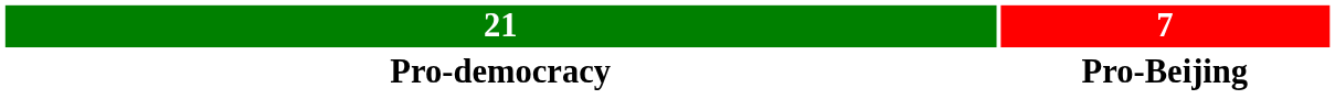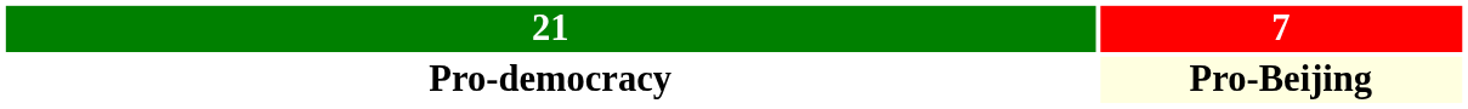 <table style="width:50%; text-align:center;">
 <tr style="color:white;">
 <td style="background:green; width:75%;"><strong>21</strong></td>
 <td style="background:red; width:25%;"><strong>7</strong></td>
 </tr>
 <tr>
 <td><span><strong>Pro-democracy</strong></span></td>
-<td><span><strong>Pro-Beijing</strong></span></td>
+<td style="background: lightyellow;"><span><strong>Pro-Beijing</strong></span></td>
 </tr>
 </table>
